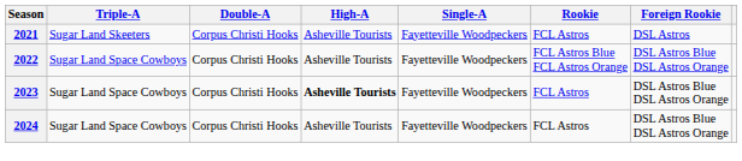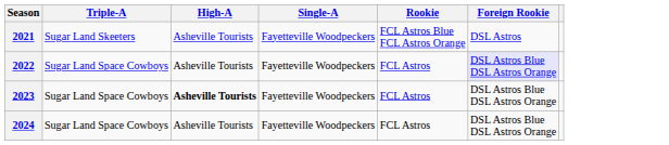 <table class="wikitable plainrowheaders">
 <tr>
 <th scope="col">Season</th>
 <th scope="col"><a href='#'><span>Triple-A</span></a></th>
-<th scope="col"><a href='#'><span>Double-A</span></a></th>
 <th scope="col"><a href='#'><span>High-A</span></a></th>
 <th scope="col"><a href='#'><span>Single-A</span></a></th>
 <th scope="col"><a href='#'><span>Rookie</span></a></th>
 <th scope="col"><a href='#'><span>Foreign Rookie</span></a></th>
 <th scope="col"></th>
 </tr>
 <tr>
 <th scope="row" style="text-align:center"><a href='#'>2021</a></th>
 <td><a href='#'>Sugar Land Skeeters</a></td>
-<td><a href='#'>Corpus Christi Hooks</a></td>
 <td><a href='#'>Asheville Tourists</a></td>
 <td><a href='#'>Fayetteville Woodpeckers</a></td>
-<td><a href='#'>FCL Astros</a></td>
+<td><a href='#'>FCL Astros Blue</a><br><a href='#'>FCL Astros Orange</a></td>
 <td><a href='#'>DSL Astros</a></td>
 <td align="center"></td>
 </tr>
 <tr>
 <th scope="row" style="text-align:center"><a href='#'>2022</a></th>
 <td><a href='#'>Sugar Land Space Cowboys</a></td>
-<td>Corpus Christi Hooks</td>
 <td>Asheville Tourists</td>
 <td>Fayetteville Woodpeckers</td>
-<td><a href='#'>FCL Astros Blue</a><br><a href='#'>FCL Astros Orange</a></td>
-<td><a href='#'>DSL Astros Blue</a><br><a href='#'>DSL Astros Orange</a></td>
+<td><a href='#'>FCL Astros</a></td>
+<td style="background: lavender;"><a href='#'>DSL Astros Blue</a><br><a href='#'>DSL Astros Orange</a></td>
 <td align="center"></td>
 </tr>
 <tr>
 <th scope="row" style="text-align:center"><a href='#'>2023</a></th>
 <td>Sugar Land Space Cowboys</td>
-<td>Corpus Christi Hooks</td>
 <td><strong>Asheville Tourists</strong></td>
 <td>Fayetteville Woodpeckers</td>
 <td><a href='#'>FCL Astros</a></td>
 <td>DSL Astros Blue<br>DSL Astros Orange</td>
 <td align="center"></td>
 </tr>
 <tr>
 <th scope="row" style="text-align:center"><a href='#'>2024</a></th>
 <td>Sugar Land Space Cowboys</td>
-<td>Corpus Christi Hooks</td>
 <td>Asheville Tourists</td>
 <td>Fayetteville Woodpeckers</td>
 <td>FCL Astros</td>
 <td>DSL Astros Blue<br>DSL Astros Orange</td>
 <td align="center"></td>
 </tr>
 </table>
